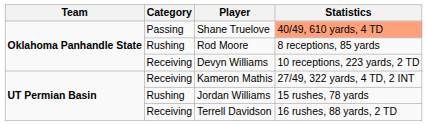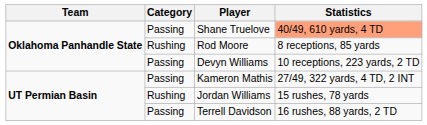 <table class="wikitable" style="float: right;">
 <tr>
 <th>Team</th>
 <th>Category</th>
 <th>Player</th>
 <th>Statistics</th>
 </tr>
 <tr>
 <td rowspan=3><strong>Oklahoma Panhandle State</strong></td>
 <td>Passing</td>
 <td>Shane Truelove</td>
 <td style="background: lightsalmon;">40/49, 610 yards, 4 TD</td>
 </tr>
 <tr>
 <td>Rushing</td>
 <td>Rod Moore</td>
 <td>8 receptions, 85 yards</td>
 </tr>
 <tr>
-<td>Receiving</td>
+<td>Passing</td>
 <td>Devyn Williams</td>
 <td>10 receptions, 223 yards, 2 TD</td>
 </tr>
 <tr>
 <td rowspan=3><strong>UT Permian Basin</strong></td>
-<td>Receiving</td>
+<td>Passing</td>
 <td>Kameron Mathis</td>
 <td>27/49, 322 yards, 4 TD, 2 INT</td>
 </tr>
 <tr>
 <td>Rushing</td>
 <td>Jordan Williams</td>
 <td>15 rushes, 78 yards</td>
 </tr>
 <tr>
-<td>Receiving</td>
+<td>Passing</td>
 <td>Terrell Davidson</td>
 <td>16 rushes, 88 yards, 2 TD</td>
 </tr>
 </table>
